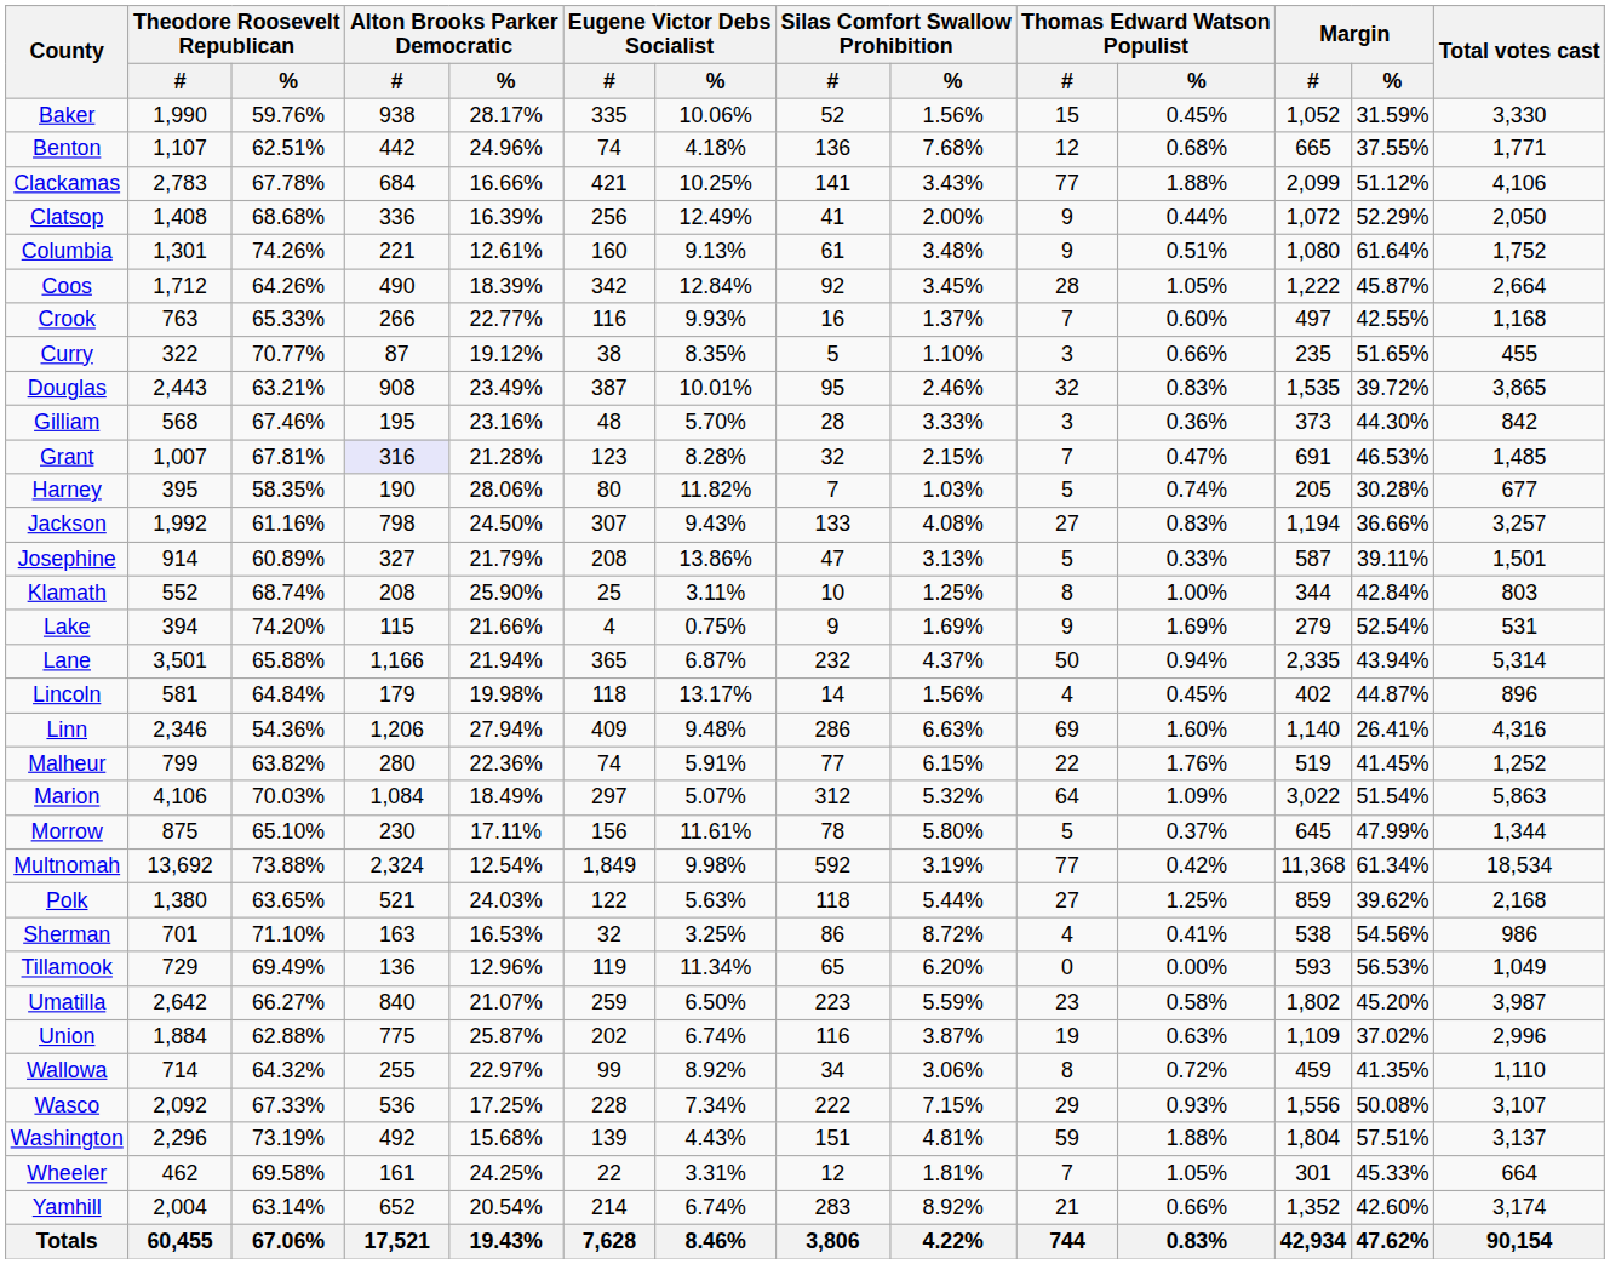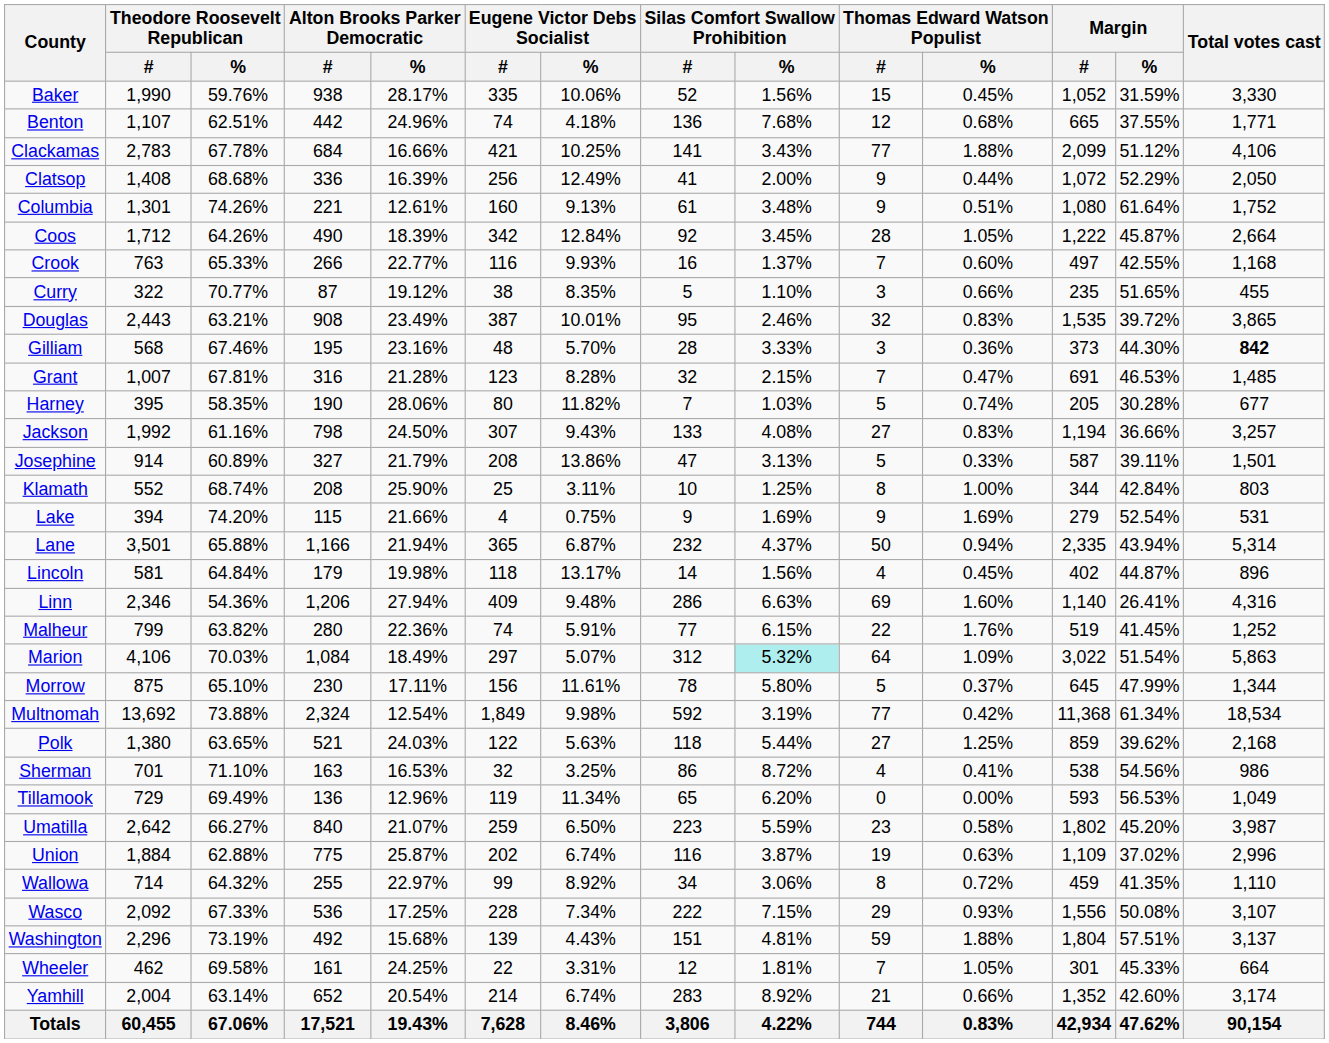 <table class="wikitable sortable" style="text-align:center">
 <tr>
 <th style="text-align:center;" rowspan="2">County</th>
 <th style="text-align:center;" colspan="2">Theodore Roosevelt<br>Republican</th>
 <th style="text-align:center;" colspan="2">Alton Brooks Parker<br>Democratic</th>
 <th style="text-align:center;" colspan="2">Eugene Victor Debs<br>Socialist</th>
 <th style="text-align:center;" colspan="2">Silas Comfort Swallow<br>Prohibition</th>
 <th style="text-align:center;" colspan="2">Thomas Edward Watson<br>Populist</th>
 <th style="text-align:center;" colspan="2">Margin</th>
 <th style="text-align:center;" rowspan="2">Total votes cast</th>
 </tr>
 <tr>
 <th style="text-align:center;" data-sort-type="number">#</th>
 <th style="text-align:center;" data-sort-type="number">%</th>
 <th style="text-align:center;" data-sort-type="number">#</th>
 <th style="text-align:center;" data-sort-type="number">%</th>
 <th style="text-align:center;" data-sort-type="number">#</th>
 <th style="text-align:center;" data-sort-type="number">%</th>
 <th style="text-align:center;" data-sort-type="number">#</th>
 <th style="text-align:center;" data-sort-type="number">%</th>
 <th style="text-align:center;" data-sort-type="number">#</th>
 <th style="text-align:center;" data-sort-type="number">%</th>
 <th style="text-align:center;" data-sort-type="number">#</th>
 <th style="text-align:center;" data-sort-type="number">%</th>
 </tr>
 <tr style="text-align:center;">
 <td><a href='#'>Baker</a></td>
 <td>1,990</td>
 <td>59.76%</td>
 <td>938</td>
 <td>28.17%</td>
 <td>335</td>
 <td>10.06%</td>
 <td>52</td>
 <td>1.56%</td>
 <td>15</td>
 <td>0.45%</td>
 <td>1,052</td>
 <td>31.59%</td>
 <td>3,330</td>
 </tr>
 <tr style="text-align:center;">
 <td><a href='#'>Benton</a></td>
 <td>1,107</td>
 <td>62.51%</td>
 <td>442</td>
 <td>24.96%</td>
 <td>74</td>
 <td>4.18%</td>
 <td>136</td>
 <td>7.68%</td>
 <td>12</td>
 <td>0.68%</td>
 <td>665</td>
 <td>37.55%</td>
 <td>1,771</td>
 </tr>
 <tr style="text-align:center;">
 <td><a href='#'>Clackamas</a></td>
 <td>2,783</td>
 <td>67.78%</td>
 <td>684</td>
 <td>16.66%</td>
 <td>421</td>
 <td>10.25%</td>
 <td>141</td>
 <td>3.43%</td>
 <td>77</td>
 <td>1.88%</td>
 <td>2,099</td>
 <td>51.12%</td>
 <td>4,106</td>
 </tr>
 <tr style="text-align:center;">
 <td><a href='#'>Clatsop</a></td>
 <td>1,408</td>
 <td>68.68%</td>
 <td>336</td>
 <td>16.39%</td>
 <td>256</td>
 <td>12.49%</td>
 <td>41</td>
 <td>2.00%</td>
 <td>9</td>
 <td>0.44%</td>
 <td>1,072</td>
 <td>52.29%</td>
 <td>2,050</td>
 </tr>
 <tr style="text-align:center;">
 <td><a href='#'>Columbia</a></td>
 <td>1,301</td>
 <td>74.26%</td>
 <td>221</td>
 <td>12.61%</td>
 <td>160</td>
 <td>9.13%</td>
 <td>61</td>
 <td>3.48%</td>
 <td>9</td>
 <td>0.51%</td>
 <td>1,080</td>
 <td>61.64%</td>
 <td>1,752</td>
 </tr>
 <tr style="text-align:center;">
 <td><a href='#'>Coos</a></td>
 <td>1,712</td>
 <td>64.26%</td>
 <td>490</td>
 <td>18.39%</td>
 <td>342</td>
 <td>12.84%</td>
 <td>92</td>
 <td>3.45%</td>
 <td>28</td>
 <td>1.05%</td>
 <td>1,222</td>
 <td>45.87%</td>
 <td>2,664</td>
 </tr>
 <tr style="text-align:center;">
 <td><a href='#'>Crook</a></td>
 <td>763</td>
 <td>65.33%</td>
 <td>266</td>
 <td>22.77%</td>
 <td>116</td>
 <td>9.93%</td>
 <td>16</td>
 <td>1.37%</td>
 <td>7</td>
 <td>0.60%</td>
 <td>497</td>
 <td>42.55%</td>
 <td>1,168</td>
 </tr>
 <tr style="text-align:center;">
 <td><a href='#'>Curry</a></td>
 <td>322</td>
 <td>70.77%</td>
 <td>87</td>
 <td>19.12%</td>
 <td>38</td>
 <td>8.35%</td>
 <td>5</td>
 <td>1.10%</td>
 <td>3</td>
 <td>0.66%</td>
 <td>235</td>
 <td>51.65%</td>
 <td>455</td>
 </tr>
 <tr style="text-align:center;">
 <td><a href='#'>Douglas</a></td>
 <td>2,443</td>
 <td>63.21%</td>
 <td>908</td>
 <td>23.49%</td>
 <td>387</td>
 <td>10.01%</td>
 <td>95</td>
 <td>2.46%</td>
 <td>32</td>
 <td>0.83%</td>
 <td>1,535</td>
 <td>39.72%</td>
 <td>3,865</td>
 </tr>
 <tr style="text-align:center;">
 <td><a href='#'>Gilliam</a></td>
 <td>568</td>
 <td>67.46%</td>
 <td>195</td>
 <td>23.16%</td>
 <td>48</td>
 <td>5.70%</td>
 <td>28</td>
 <td>3.33%</td>
 <td>3</td>
 <td>0.36%</td>
 <td>373</td>
 <td>44.30%</td>
-<td>842</td>
+<td><strong>842</strong></td>
 </tr>
 <tr style="text-align:center;">
 <td><a href='#'>Grant</a></td>
 <td>1,007</td>
 <td>67.81%</td>
-<td style="background: lavender;">316</td>
+<td>316</td>
 <td>21.28%</td>
 <td>123</td>
 <td>8.28%</td>
 <td>32</td>
 <td>2.15%</td>
 <td>7</td>
 <td>0.47%</td>
 <td>691</td>
 <td>46.53%</td>
 <td>1,485</td>
 </tr>
 <tr style="text-align:center;">
 <td><a href='#'>Harney</a></td>
 <td>395</td>
 <td>58.35%</td>
 <td>190</td>
 <td>28.06%</td>
 <td>80</td>
 <td>11.82%</td>
 <td>7</td>
 <td>1.03%</td>
 <td>5</td>
 <td>0.74%</td>
 <td>205</td>
 <td>30.28%</td>
 <td>677</td>
 </tr>
 <tr style="text-align:center;">
 <td><a href='#'>Jackson</a></td>
 <td>1,992</td>
 <td>61.16%</td>
 <td>798</td>
 <td>24.50%</td>
 <td>307</td>
 <td>9.43%</td>
 <td>133</td>
 <td>4.08%</td>
 <td>27</td>
 <td>0.83%</td>
 <td>1,194</td>
 <td>36.66%</td>
 <td>3,257</td>
 </tr>
 <tr style="text-align:center;">
 <td><a href='#'>Josephine</a></td>
 <td>914</td>
 <td>60.89%</td>
 <td>327</td>
 <td>21.79%</td>
 <td>208</td>
 <td>13.86%</td>
 <td>47</td>
 <td>3.13%</td>
 <td>5</td>
 <td>0.33%</td>
 <td>587</td>
 <td>39.11%</td>
 <td>1,501</td>
 </tr>
 <tr style="text-align:center;">
 <td><a href='#'>Klamath</a></td>
 <td>552</td>
 <td>68.74%</td>
 <td>208</td>
 <td>25.90%</td>
 <td>25</td>
 <td>3.11%</td>
 <td>10</td>
 <td>1.25%</td>
 <td>8</td>
 <td>1.00%</td>
 <td>344</td>
 <td>42.84%</td>
 <td>803</td>
 </tr>
 <tr style="text-align:center;">
 <td><a href='#'>Lake</a></td>
 <td>394</td>
 <td>74.20%</td>
 <td>115</td>
 <td>21.66%</td>
 <td>4</td>
 <td>0.75%</td>
 <td>9</td>
 <td>1.69%</td>
 <td>9</td>
 <td>1.69%</td>
 <td>279</td>
 <td>52.54%</td>
 <td>531</td>
 </tr>
 <tr style="text-align:center;">
 <td><a href='#'>Lane</a></td>
 <td>3,501</td>
 <td>65.88%</td>
 <td>1,166</td>
 <td>21.94%</td>
 <td>365</td>
 <td>6.87%</td>
 <td>232</td>
 <td>4.37%</td>
 <td>50</td>
 <td>0.94%</td>
 <td>2,335</td>
 <td>43.94%</td>
 <td>5,314</td>
 </tr>
 <tr style="text-align:center;">
 <td><a href='#'>Lincoln</a></td>
 <td>581</td>
 <td>64.84%</td>
 <td>179</td>
 <td>19.98%</td>
 <td>118</td>
 <td>13.17%</td>
 <td>14</td>
 <td>1.56%</td>
 <td>4</td>
 <td>0.45%</td>
 <td>402</td>
 <td>44.87%</td>
 <td>896</td>
 </tr>
 <tr style="text-align:center;">
 <td><a href='#'>Linn</a></td>
 <td>2,346</td>
 <td>54.36%</td>
 <td>1,206</td>
 <td>27.94%</td>
 <td>409</td>
 <td>9.48%</td>
 <td>286</td>
 <td>6.63%</td>
 <td>69</td>
 <td>1.60%</td>
 <td>1,140</td>
 <td>26.41%</td>
 <td>4,316</td>
 </tr>
 <tr style="text-align:center;">
 <td><a href='#'>Malheur</a></td>
 <td>799</td>
 <td>63.82%</td>
 <td>280</td>
 <td>22.36%</td>
 <td>74</td>
 <td>5.91%</td>
 <td>77</td>
 <td>6.15%</td>
 <td>22</td>
 <td>1.76%</td>
 <td>519</td>
 <td>41.45%</td>
 <td>1,252</td>
 </tr>
 <tr style="text-align:center;">
 <td><a href='#'>Marion</a></td>
 <td>4,106</td>
 <td>70.03%</td>
 <td>1,084</td>
 <td>18.49%</td>
 <td>297</td>
 <td>5.07%</td>
 <td>312</td>
-<td>5.32%</td>
+<td style="background: paleturquoise;">5.32%</td>
 <td>64</td>
 <td>1.09%</td>
 <td>3,022</td>
 <td>51.54%</td>
 <td>5,863</td>
 </tr>
 <tr style="text-align:center;">
 <td><a href='#'>Morrow</a></td>
 <td>875</td>
 <td>65.10%</td>
 <td>230</td>
 <td>17.11%</td>
 <td>156</td>
 <td>11.61%</td>
 <td>78</td>
 <td>5.80%</td>
 <td>5</td>
 <td>0.37%</td>
 <td>645</td>
 <td>47.99%</td>
 <td>1,344</td>
 </tr>
 <tr style="text-align:center;">
 <td><a href='#'>Multnomah</a></td>
 <td>13,692</td>
 <td>73.88%</td>
 <td>2,324</td>
 <td>12.54%</td>
 <td>1,849</td>
 <td>9.98%</td>
 <td>592</td>
 <td>3.19%</td>
 <td>77</td>
 <td>0.42%</td>
 <td>11,368</td>
 <td>61.34%</td>
 <td>18,534</td>
 </tr>
 <tr style="text-align:center;">
 <td><a href='#'>Polk</a></td>
 <td>1,380</td>
 <td>63.65%</td>
 <td>521</td>
 <td>24.03%</td>
 <td>122</td>
 <td>5.63%</td>
 <td>118</td>
 <td>5.44%</td>
 <td>27</td>
 <td>1.25%</td>
 <td>859</td>
 <td>39.62%</td>
 <td>2,168</td>
 </tr>
 <tr style="text-align:center;">
 <td><a href='#'>Sherman</a></td>
 <td>701</td>
 <td>71.10%</td>
 <td>163</td>
 <td>16.53%</td>
 <td>32</td>
 <td>3.25%</td>
 <td>86</td>
 <td>8.72%</td>
 <td>4</td>
 <td>0.41%</td>
 <td>538</td>
 <td>54.56%</td>
 <td>986</td>
 </tr>
 <tr style="text-align:center;">
 <td><a href='#'>Tillamook</a></td>
 <td>729</td>
 <td>69.49%</td>
 <td>136</td>
 <td>12.96%</td>
 <td>119</td>
 <td>11.34%</td>
 <td>65</td>
 <td>6.20%</td>
 <td>0</td>
 <td>0.00%</td>
 <td>593</td>
 <td>56.53%</td>
 <td>1,049</td>
 </tr>
 <tr style="text-align:center;">
 <td><a href='#'>Umatilla</a></td>
 <td>2,642</td>
 <td>66.27%</td>
 <td>840</td>
 <td>21.07%</td>
 <td>259</td>
 <td>6.50%</td>
 <td>223</td>
 <td>5.59%</td>
 <td>23</td>
 <td>0.58%</td>
 <td>1,802</td>
 <td>45.20%</td>
 <td>3,987</td>
 </tr>
 <tr style="text-align:center;">
 <td><a href='#'>Union</a></td>
 <td>1,884</td>
 <td>62.88%</td>
 <td>775</td>
 <td>25.87%</td>
 <td>202</td>
 <td>6.74%</td>
 <td>116</td>
 <td>3.87%</td>
 <td>19</td>
 <td>0.63%</td>
 <td>1,109</td>
 <td>37.02%</td>
 <td>2,996</td>
 </tr>
 <tr style="text-align:center;">
 <td><a href='#'>Wallowa</a></td>
 <td>714</td>
 <td>64.32%</td>
 <td>255</td>
 <td>22.97%</td>
 <td>99</td>
 <td>8.92%</td>
 <td>34</td>
 <td>3.06%</td>
 <td>8</td>
 <td>0.72%</td>
 <td>459</td>
 <td>41.35%</td>
 <td>1,110</td>
 </tr>
 <tr style="text-align:center;">
 <td><a href='#'>Wasco</a></td>
 <td>2,092</td>
 <td>67.33%</td>
 <td>536</td>
 <td>17.25%</td>
 <td>228</td>
 <td>7.34%</td>
 <td>222</td>
 <td>7.15%</td>
 <td>29</td>
 <td>0.93%</td>
 <td>1,556</td>
 <td>50.08%</td>
 <td>3,107</td>
 </tr>
 <tr style="text-align:center;">
 <td><a href='#'>Washington</a></td>
 <td>2,296</td>
 <td>73.19%</td>
 <td>492</td>
 <td>15.68%</td>
 <td>139</td>
 <td>4.43%</td>
 <td>151</td>
 <td>4.81%</td>
 <td>59</td>
 <td>1.88%</td>
 <td>1,804</td>
 <td>57.51%</td>
 <td>3,137</td>
 </tr>
 <tr style="text-align:center;">
 <td><a href='#'>Wheeler</a></td>
 <td>462</td>
 <td>69.58%</td>
 <td>161</td>
 <td>24.25%</td>
 <td>22</td>
 <td>3.31%</td>
 <td>12</td>
 <td>1.81%</td>
 <td>7</td>
 <td>1.05%</td>
 <td>301</td>
 <td>45.33%</td>
 <td>664</td>
 </tr>
 <tr style="text-align:center;">
 <td><a href='#'>Yamhill</a></td>
 <td>2,004</td>
 <td>63.14%</td>
 <td>652</td>
 <td>20.54%</td>
 <td>214</td>
 <td>6.74%</td>
 <td>283</td>
 <td>8.92%</td>
 <td>21</td>
 <td>0.66%</td>
 <td>1,352</td>
 <td>42.60%</td>
 <td>3,174</td>
 </tr>
 <tr style="text-align:center;">
 <th>Totals</th>
 <th>60,455</th>
 <th>67.06%</th>
 <th>17,521</th>
 <th>19.43%</th>
 <th>7,628</th>
 <th>8.46%</th>
 <th>3,806</th>
 <th>4.22%</th>
 <th>744</th>
 <th>0.83%</th>
 <th>42,934</th>
 <th>47.62%</th>
 <th>90,154</th>
 </tr>
 </table>
